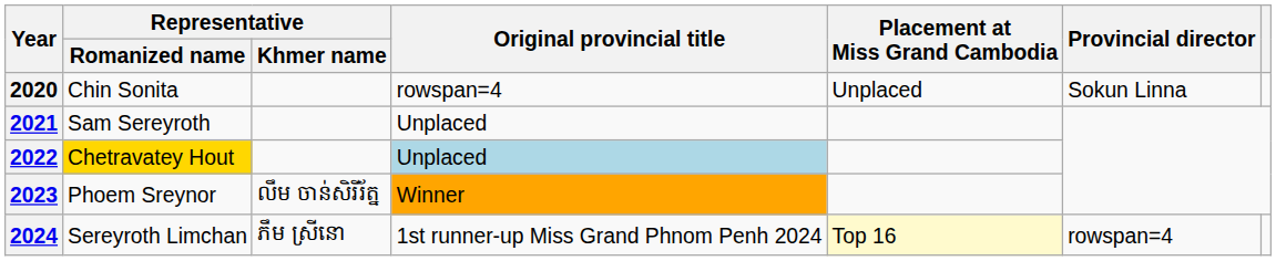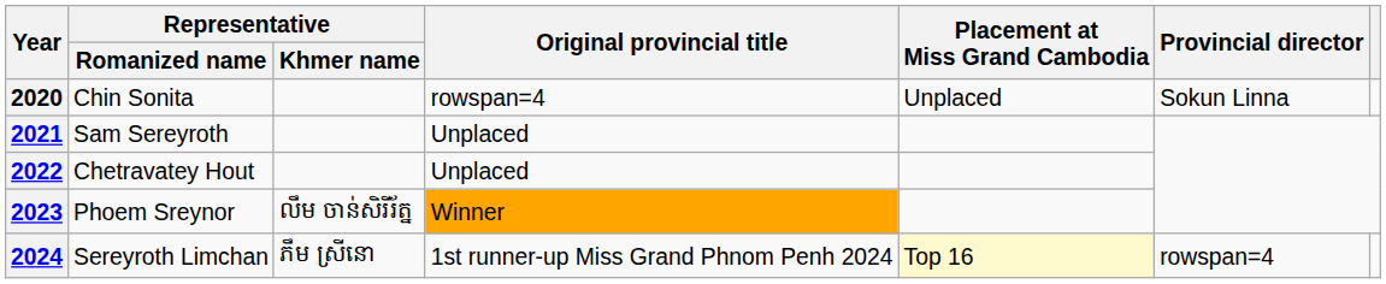 <table class="wikitable defaultcenter col2left col3left col6left" style="font-size:95%;">
 <tr>
 <th rowspan=2>Year</th>
 <th colspan=2>Representative</th>
 <th rowspan=2>Original provincial title</th>
 <th rowspan=2>Placement at<br>Miss Grand Cambodia</th>
 <th rowspan=2>Provincial director</th>
 <th rowspan=2></th>
 </tr>
 <tr>
 <th>Romanized name</th>
 <th>Khmer name</th>
 </tr>
 <tr>
 <th>2020</th>
 <td>Chin Sonita</td>
 <td></td>
 <td>rowspan=4 </td>
 <td>Unplaced</td>
 <td>Sokun Linna</td>
 <td></td>
 </tr>
 <tr>
 <th><a href='#'>2021</a></th>
 <td>Sam Sereyroth</td>
 <td></td>
 <td>Unplaced</td>
 <td></td>
 </tr>
 <tr>
 <th><a href='#'>2022</a></th>
-<td style="background: gold;">Chetravatey Hout</td>
+<td>Chetravatey Hout</td>
 <td></td>
-<td style="background: lightblue;">Unplaced</td>
+<td>Unplaced</td>
 <td></td>
 </tr>
 <tr>
 <th><a href='#'>2023</a></th>
 <td>Phoem Sreynor</td>
 <td>លឹម ចាន់សិរីរ័ត្ន</td>
 <td bgcolor=orange>Winner</td>
 <td></td>
 </tr>
 <tr>
 <th><a href='#'>2024</a></th>
 <td>Sereyroth Limchan</td>
 <td>ភឹម ស្រីនោ</td>
 <td>1st runner-up Miss Grand Phnom Penh 2024</td>
 <td bgcolor=#FFFACD>Top 16</td>
 <td>rowspan=4 </td>
 <td></td>
 </tr>
 </table>
